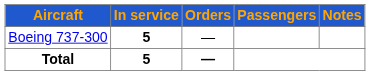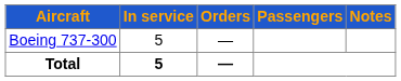 <table class="toccolours" border="1" cellpadding="3" style="margin:1em auto; border-collapse:collapse;text-align:center">
 <tr style="background-color:#1F59CD;color:orange;">
 <th>Aircraft</th>
 <th>In service</th>
 <th>Orders</th>
 <th>Passengers</th>
 <th>Notes</th>
 </tr>
 <tr>
 <td><a href='#'>Boeing 737-300</a></td>
-<td><strong>5</strong></td>
+<td>5</td>
 <td>—</td>
 <td></td>
 <td></td>
 </tr>
 <tr>
 <th>Total</th>
 <th>5</th>
 <th>—</th>
 <th colspan="4"></th>
 </tr>
 </table>
